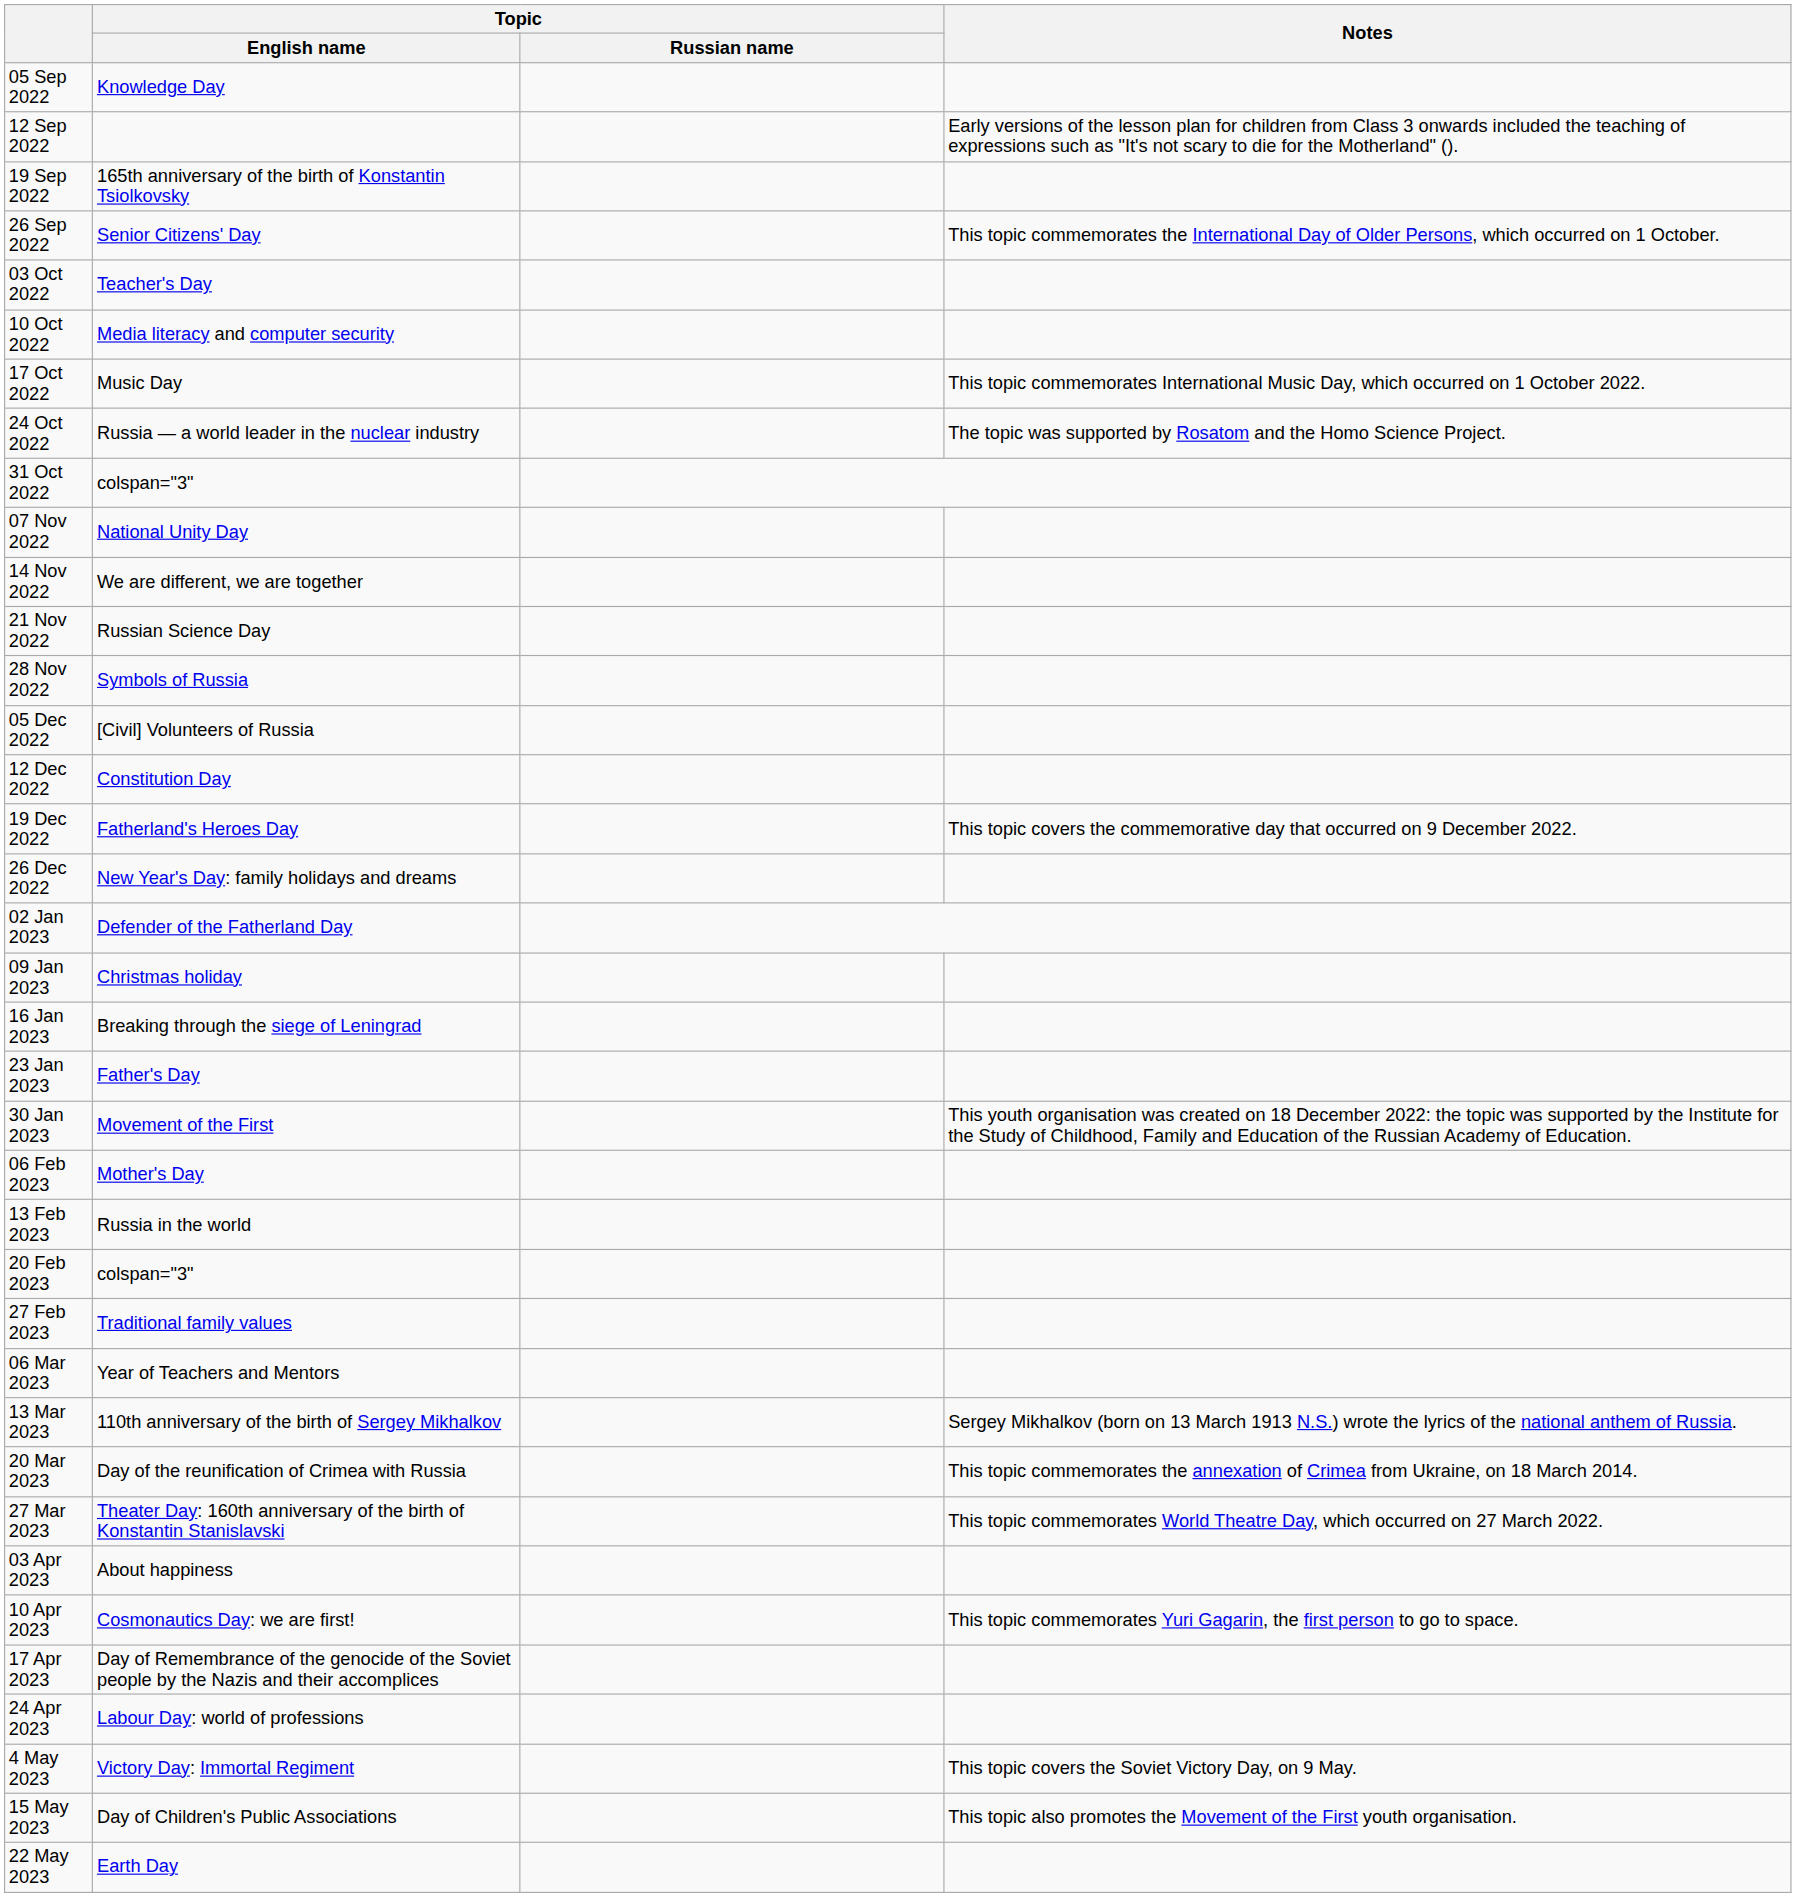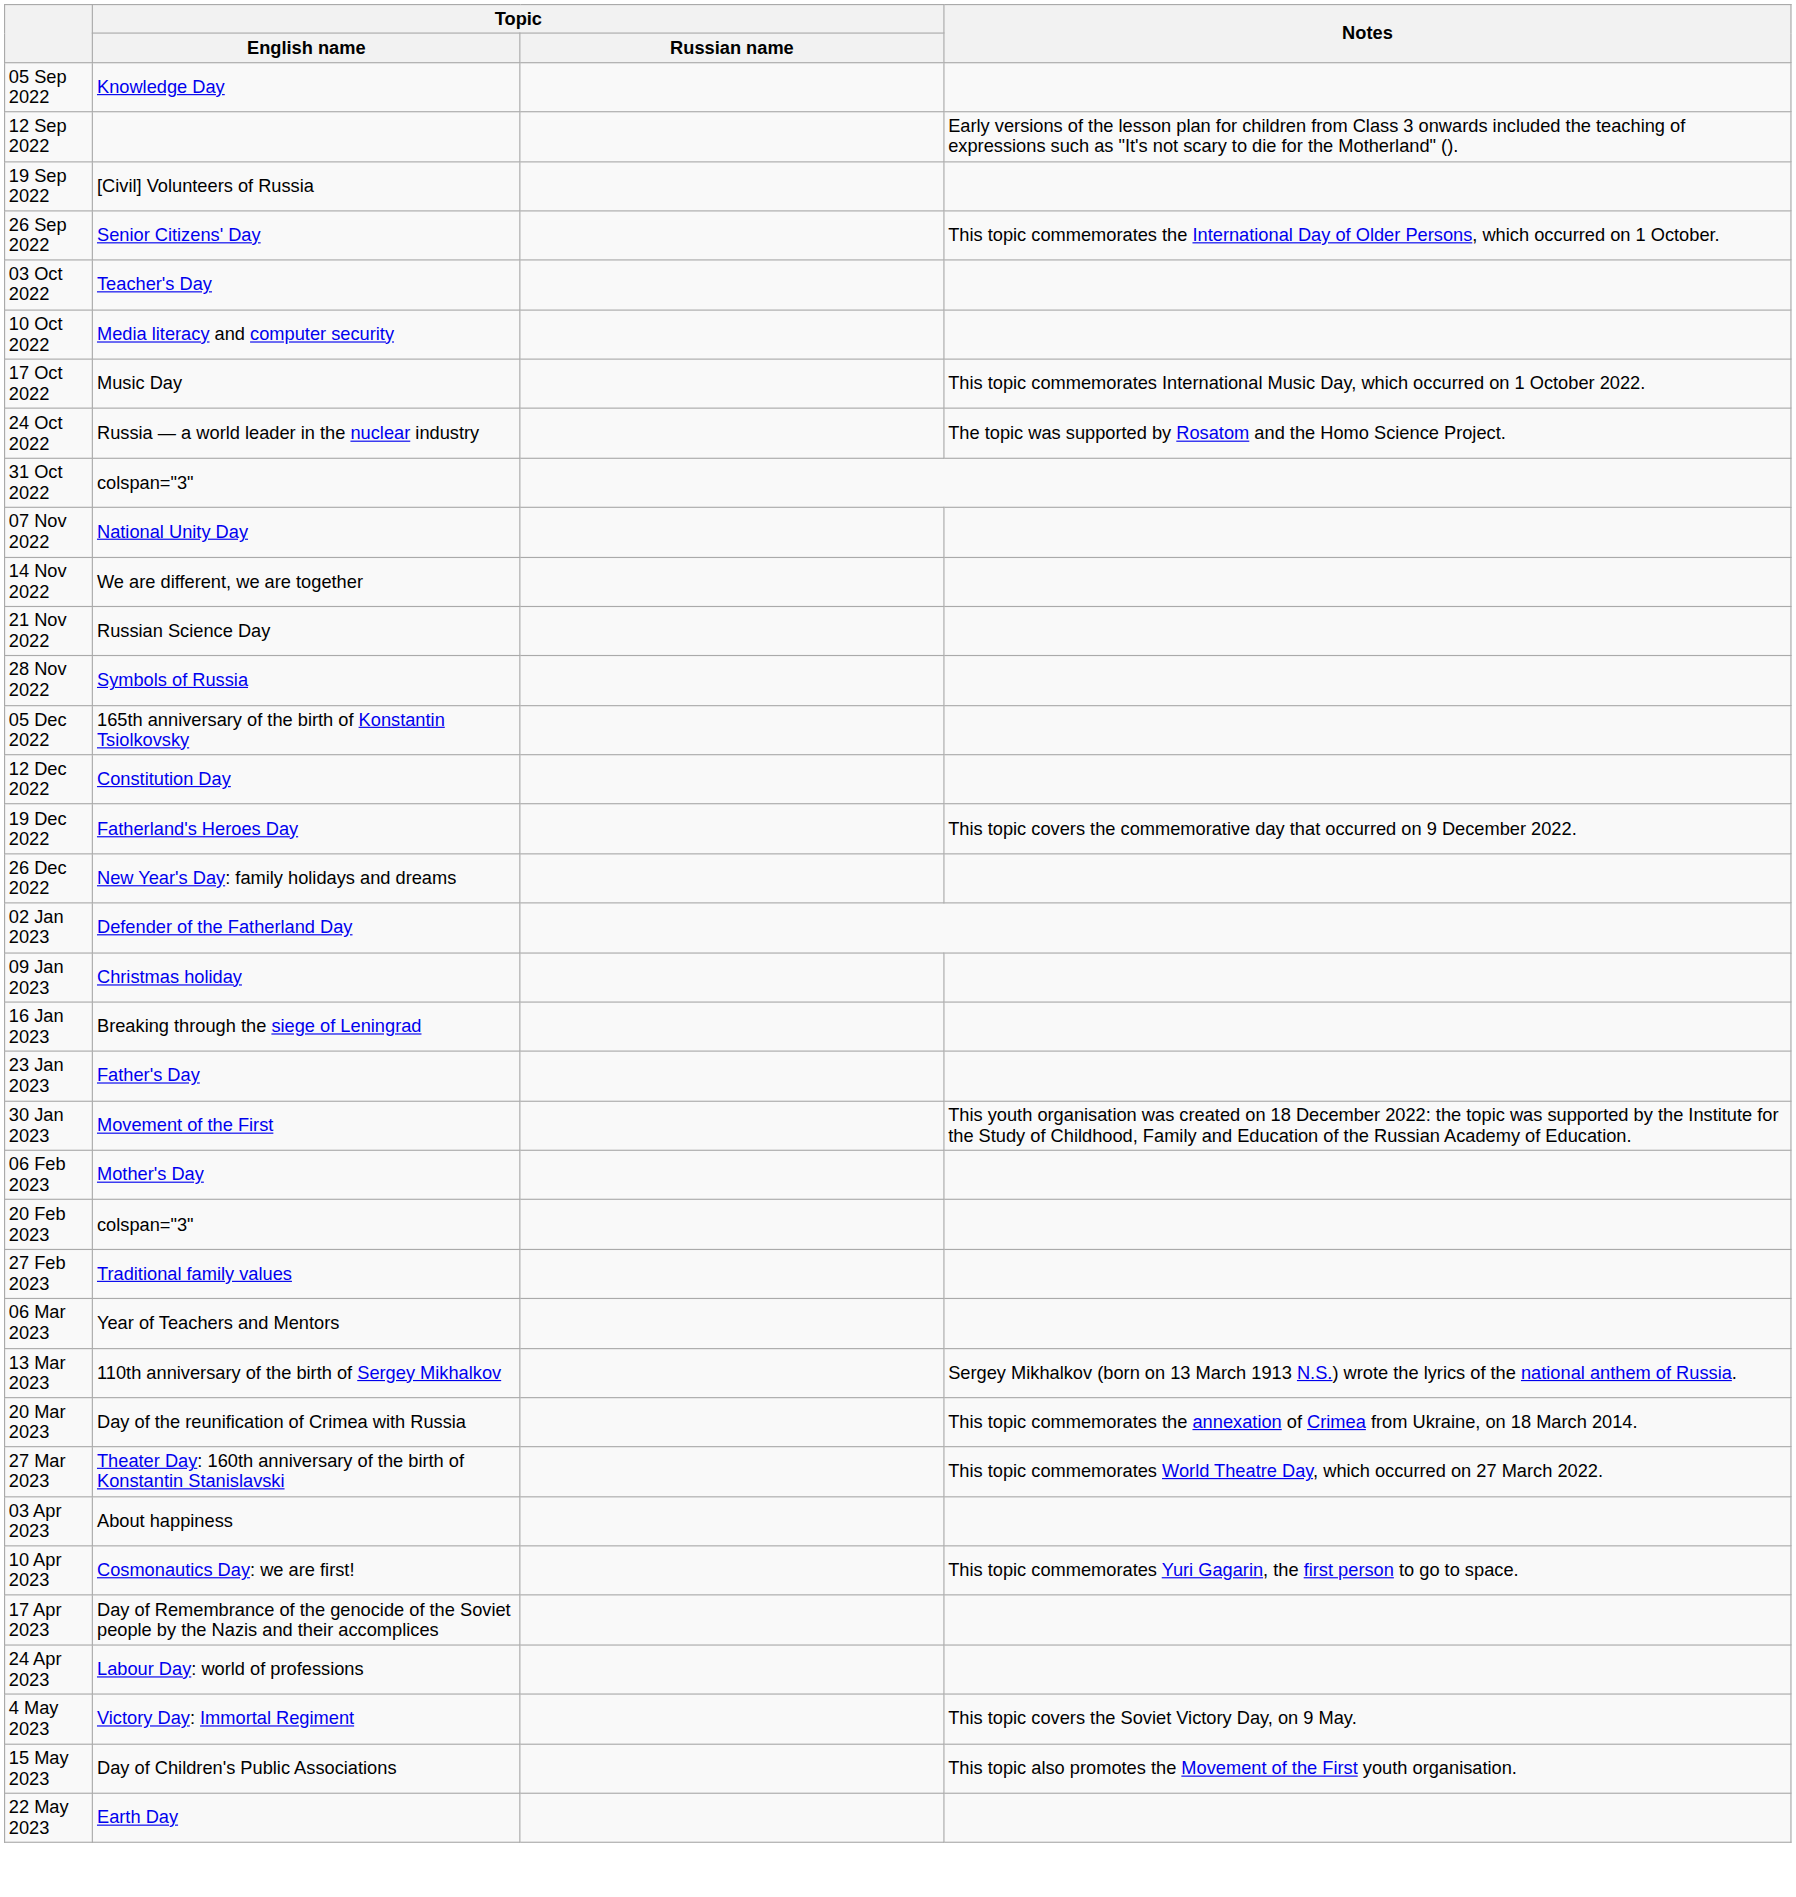 <table class="wikitable sortable sticky-header-multi">
 <tr>
 <th style="min-width:70px" rowspan=2 data-sort-type=date></th>
 <th colspan=2>Topic</th>
 <th style="width:50%" rowspan=2 class="unsortable">Notes</th>
 </tr>
 <tr>
 <th style="width:25%">English name</th>
 <th style="width:25%">Russian name</th>
 </tr>
 <tr>
 <td>05 Sep 2022</td>
 <td><a href='#'>Knowledge Day</a></td>
 <td></td>
 <td></td>
 </tr>
 <tr>
 <td>12 Sep 2022</td>
 <td></td>
 <td></td>
 <td>Early versions of the lesson plan for children from Class 3 onwards included the teaching of expressions such as "It's not scary to die for the Motherland" ().</td>
 </tr>
 <tr>
 <td>19 Sep 2022</td>
-<td>165th anniversary of the birth of <a href='#'>Konstantin Tsiolkovsky</a></td>
+<td>[Civil] Volunteers of Russia</td>
 <td></td>
 <td></td>
 </tr>
 <tr>
 <td>26 Sep 2022</td>
 <td><a href='#'>Senior Citizens' Day</a></td>
 <td></td>
 <td>This topic commemorates the <a href='#'>International Day of Older Persons</a>, which occurred on 1 October.</td>
 </tr>
 <tr>
 <td>03 Oct 2022</td>
 <td><a href='#'>Teacher's Day</a></td>
 <td></td>
 <td></td>
 </tr>
 <tr>
 <td>10 Oct 2022</td>
 <td><a href='#'>Media literacy</a> and <a href='#'>computer security</a></td>
 <td></td>
 <td></td>
 </tr>
 <tr>
 <td>17 Oct 2022</td>
 <td>Music Day</td>
 <td></td>
 <td>This topic commemorates International Music Day, which occurred on 1 October 2022.</td>
 </tr>
 <tr>
 <td>24 Oct 2022</td>
 <td>Russia — a world leader in the <a href='#'>nuclear</a> industry</td>
 <td></td>
 <td>The topic was supported by <a href='#'>Rosatom</a> and the Homo Science Project.</td>
 </tr>
 <tr>
 <td>31 Oct 2022</td>
 <td>colspan="3" </td>
 </tr>
 <tr>
 <td>07 Nov 2022</td>
 <td><a href='#'>National Unity Day</a></td>
 <td></td>
 <td></td>
 </tr>
 <tr>
 <td>14 Nov 2022</td>
 <td>We are different, we are together</td>
 <td></td>
 <td></td>
 </tr>
 <tr>
 <td>21 Nov 2022</td>
 <td>Russian Science Day</td>
 <td></td>
 <td></td>
 </tr>
 <tr>
 <td>28 Nov 2022</td>
 <td><a href='#'>Symbols of Russia</a></td>
 <td></td>
 <td></td>
 </tr>
 <tr>
 <td>05 Dec 2022</td>
-<td>[Civil] Volunteers of Russia</td>
+<td>165th anniversary of the birth of <a href='#'>Konstantin Tsiolkovsky</a></td>
 <td></td>
 <td></td>
 </tr>
 <tr>
 <td>12 Dec 2022</td>
 <td><a href='#'>Constitution Day</a></td>
 <td></td>
 <td></td>
 </tr>
 <tr>
 <td>19 Dec 2022</td>
 <td><a href='#'>Fatherland's Heroes Day</a></td>
 <td></td>
 <td>This topic covers the commemorative day that occurred on 9 December 2022.</td>
 </tr>
 <tr>
 <td>26 Dec 2022</td>
 <td><a href='#'>New Year's Day</a>: family holidays and dreams</td>
 <td></td>
 <td></td>
 </tr>
 <tr>
 <td>02 Jan 2023</td>
 <td><a href='#'>Defender of the Fatherland Day</a></td>
 </tr>
 <tr>
 <td>09 Jan 2023</td>
 <td><a href='#'>Christmas holiday</a></td>
 <td></td>
 <td></td>
 </tr>
 <tr>
 <td>16 Jan 2023</td>
 <td>Breaking through the <a href='#'>siege of Leningrad</a></td>
 <td></td>
 <td></td>
 </tr>
 <tr>
 <td>23 Jan 2023</td>
 <td><a href='#'>Father's Day</a></td>
 <td></td>
 <td></td>
 </tr>
 <tr>
 <td>30 Jan 2023</td>
 <td><a href='#'>Movement of the First</a></td>
 <td></td>
 <td>This youth organisation was created on 18 December 2022: the topic was supported by the Institute for the Study of Childhood, Family and Education of the Russian Academy of Education.</td>
 </tr>
 <tr>
 <td>06 Feb 2023</td>
 <td><a href='#'>Mother's Day</a></td>
-<td></td>
-<td></td>
-</tr>
-<tr>
-<td>13 Feb 2023</td>
-<td>Russia in the world</td>
 <td></td>
 <td></td>
 </tr>
 <tr>
 <td>20 Feb 2023</td>
 <td>colspan="3" </td>
 <td></td>
 <td></td>
 </tr>
 <tr>
 <td>27 Feb 2023</td>
 <td><a href='#'>Traditional family values</a></td>
 <td></td>
 <td></td>
 </tr>
 <tr>
 <td>06 Mar 2023</td>
 <td>Year of Teachers and Mentors</td>
 <td></td>
 <td></td>
 </tr>
 <tr>
 <td>13 Mar 2023</td>
 <td>110th anniversary of the birth of <a href='#'>Sergey Mikhalkov</a></td>
 <td></td>
 <td>Sergey Mikhalkov (born on 13 March 1913 <a href='#'>N.S.</a>) wrote the lyrics of the <a href='#'>national anthem of Russia</a>.</td>
 </tr>
 <tr>
 <td>20 Mar 2023</td>
 <td>Day of the reunification of Crimea with Russia</td>
 <td></td>
 <td>This topic commemorates the <a href='#'>annexation</a> of <a href='#'>Crimea</a> from Ukraine, on 18 March 2014.</td>
 </tr>
 <tr>
 <td>27 Mar 2023</td>
 <td><a href='#'>Theater Day</a>: 160th anniversary of the birth of <a href='#'>Konstantin Stanislavski</a></td>
 <td></td>
 <td>This topic commemorates <a href='#'>World Theatre Day</a>, which occurred on 27 March 2022.</td>
 </tr>
 <tr>
 <td>03 Apr 2023</td>
 <td>About happiness</td>
 <td></td>
 <td></td>
 </tr>
 <tr>
 <td>10 Apr 2023</td>
 <td><a href='#'>Cosmonautics Day</a>: we are first!</td>
 <td></td>
 <td>This topic commemorates <a href='#'>Yuri Gagarin</a>, the <a href='#'>first person</a> to go to space.</td>
 </tr>
 <tr>
 <td>17 Apr 2023</td>
 <td>Day of Remembrance of the genocide of the Soviet people by the Nazis and their accomplices</td>
 <td></td>
 <td></td>
 </tr>
 <tr>
 <td>24 Apr 2023</td>
 <td><a href='#'>Labour Day</a>: world of professions</td>
 <td></td>
 <td></td>
 </tr>
 <tr>
 <td>4 May 2023</td>
 <td><a href='#'>Victory Day</a>: <a href='#'>Immortal Regiment</a></td>
 <td></td>
 <td>This topic covers the Soviet Victory Day, on 9 May.</td>
 </tr>
 <tr>
 <td>15 May 2023</td>
 <td>Day of Children's Public Associations</td>
 <td></td>
 <td>This topic also promotes the <a href='#'>Movement of the First</a> youth organisation.</td>
 </tr>
 <tr>
 <td>22 May 2023</td>
 <td><a href='#'>Earth Day</a></td>
 <td></td>
 <td></td>
 </tr>
 </table>
